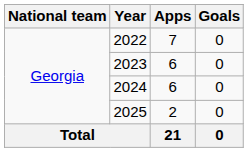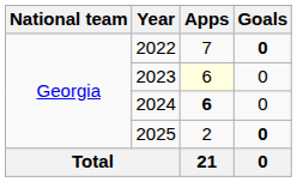 <table class="wikitable" style="text-align:center">
 <tr>
 <th>National team</th>
 <th>Year</th>
 <th>Apps</th>
 <th>Goals</th>
 </tr>
 <tr>
 <td rowspan="4"><a href='#'>Georgia</a></td>
 <td>2022</td>
 <td>7</td>
-<td>0</td>
+<td><strong>0</strong></td>
 </tr>
 <tr>
 <td>2023</td>
-<td>6</td>
+<td style="background: lightyellow;">6</td>
 <td>0</td>
 </tr>
 <tr>
 <td>2024</td>
-<td>6</td>
+<td><strong>6</strong></td>
 <td>0</td>
 </tr>
 <tr>
 <td>2025</td>
 <td>2</td>
-<td>0</td>
+<td><strong>0</strong></td>
 </tr>
 <tr>
 <th colspan="2">Total</th>
 <th>21</th>
 <th>0</th>
 </tr>
 </table>
